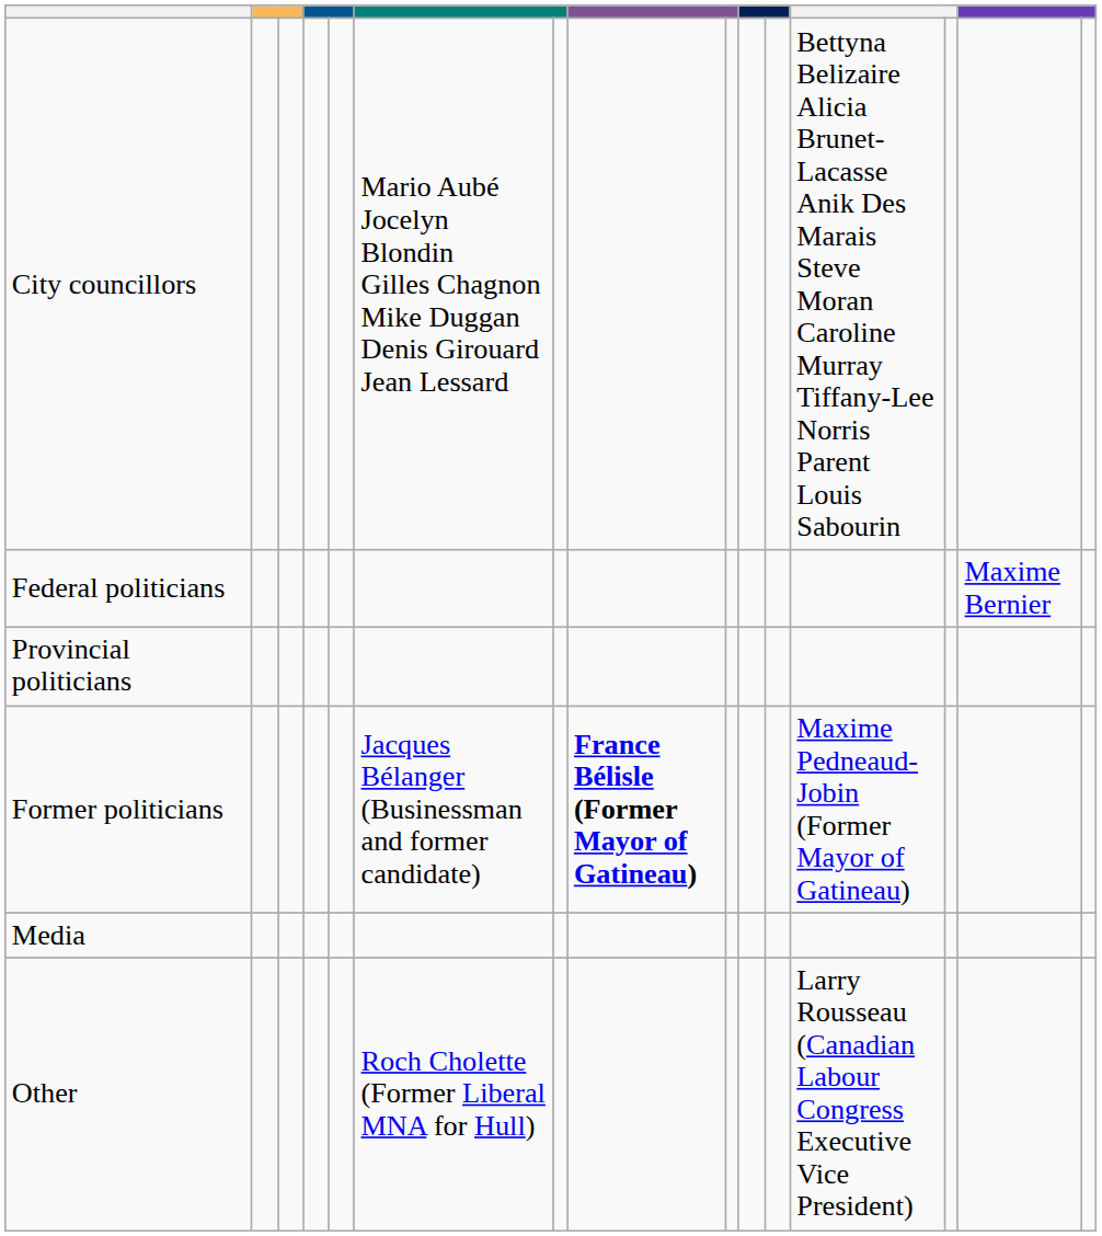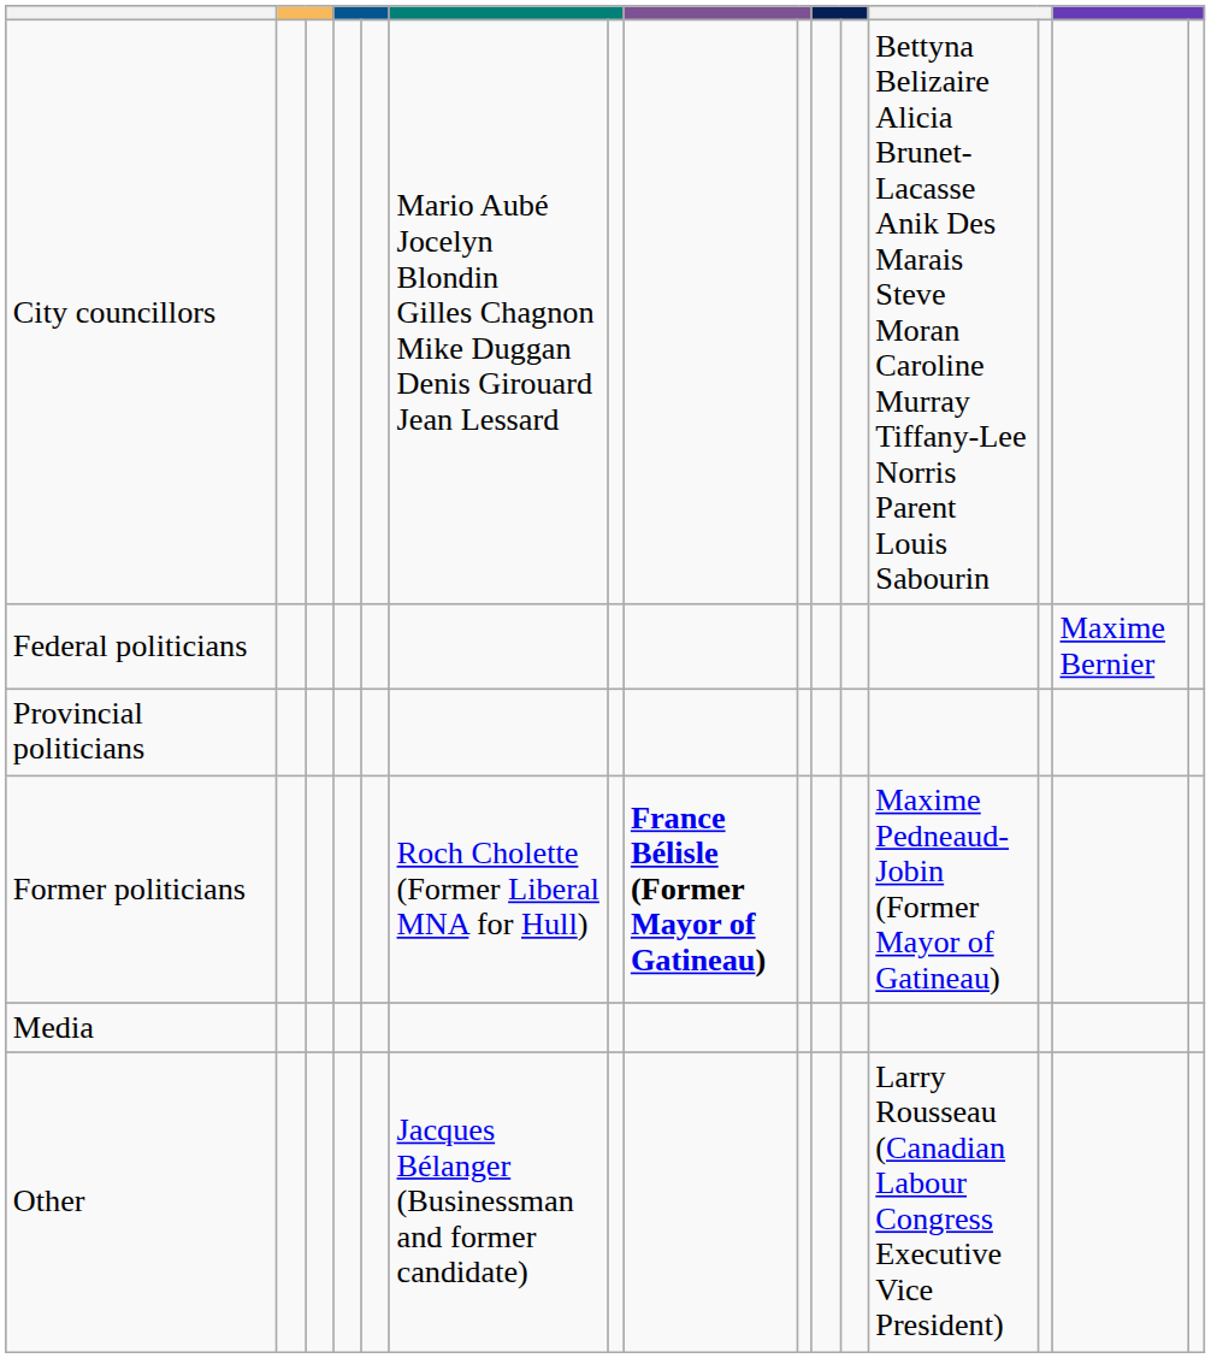 <table class="wikitable">
 <tr>
 <th width="130"></th>
 <th width="150" colspan="2" style="background:#F7B95B;" align="center"></th>
 <th width="150" colspan="2" style="background:#025590;" align="center"></th>
 <th width="150" colspan="2" style="background:#008077;" align="center"></th>
 <th width="150" colspan="2" style="background:#7D5193;" align="center"></th>
 <th width="150" colspan="2" style="background:#041F55;" align="center"></th>
 <th width="150" colspan="2" style="background:"></th>
 <th width="150" colspan="2" style="background:#673BB7;" align="center"></th>
 </tr>
 <tr>
 <td>City councillors</td>
 <td></td>
 <td align="center"></td>
 <td></td>
 <td align="center"></td>
 <td>Mario Aubé<br>Jocelyn Blondin<br>Gilles Chagnon<br>Mike Duggan<br>Denis Girouard<br>Jean Lessard</td>
 <td align="center"><br><br><br><br><br></td>
 <td></td>
 <td align="center"></td>
 <td></td>
 <td align="center"></td>
 <td>Bettyna Belizaire<br>Alicia Brunet-Lacasse<br>Anik Des Marais<br>Steve Moran<br>Caroline Murray<br>Tiffany-Lee Norris Parent<br>Louis Sabourin</td>
 <td align="center"><br><br><br><br><br><br></td>
 <td></td>
 <td align="center"></td>
 </tr>
 <tr>
 <td>Federal politicians</td>
 <td></td>
 <td align="center"></td>
 <td></td>
 <td align="center"></td>
 <td></td>
 <td align="center"></td>
 <td></td>
 <td align="center"></td>
 <td></td>
 <td align="center"></td>
 <td></td>
 <td align="center"></td>
 <td><a href='#'>Maxime Bernier</a></td>
 <td align="center"></td>
 </tr>
 <tr>
 <td>Provincial politicians</td>
 <td></td>
 <td align="center"></td>
 <td></td>
 <td align="center"></td>
 <td></td>
 <td align="center"></td>
 <td></td>
 <td align="center"></td>
 <td></td>
 <td align="center"></td>
 <td></td>
 <td align="center"></td>
 <td></td>
 <td align="center"></td>
 </tr>
 <tr>
 <td>Former politicians</td>
 <td></td>
 <td align="center"></td>
 <td></td>
 <td align="center"></td>
-<td><a href='#'>Jacques Bélanger</a><br>(Businessman and former candidate)</td>
+<td><a href='#'>Roch Cholette</a><br>(Former <a href='#'>Liberal</a> <a href='#'>MNA</a> for <a href='#'>Hull</a>)</td>
 <td align="center"></td>
 <td><strong><a href='#'>France Bélisle</a><br>(Former <a href='#'>Mayor of Gatineau</a>)</strong></td>
 <td align="center"></td>
 <td></td>
 <td align="center"></td>
 <td><a href='#'>Maxime Pedneaud-Jobin</a><br>(Former <a href='#'>Mayor of Gatineau</a>)</td>
 <td align="center"></td>
 <td></td>
 <td align="center"></td>
 </tr>
 <tr>
 <td>Media</td>
 <td></td>
 <td align="center"></td>
 <td></td>
 <td align="center"></td>
 <td></td>
 <td align="center"></td>
 <td></td>
 <td align="center"></td>
 <td></td>
 <td align="center"></td>
 <td></td>
 <td align="center"></td>
 <td></td>
 <td align="center"></td>
 </tr>
 <tr>
 <td>Other</td>
 <td></td>
 <td align="center"></td>
 <td></td>
 <td align="center"></td>
-<td><a href='#'>Roch Cholette</a><br>(Former <a href='#'>Liberal</a> <a href='#'>MNA</a> for <a href='#'>Hull</a>)</td>
+<td><a href='#'>Jacques Bélanger</a><br>(Businessman and former candidate)</td>
 <td align="center"></td>
 <td></td>
 <td align="center"></td>
 <td></td>
 <td align="center"></td>
 <td>Larry Rousseau<br>(<a href='#'>Canadian Labour Congress</a><br>Executive Vice President)</td>
 <td align="center"></td>
 <td></td>
 <td align="center"></td>
 </tr>
 </table>
